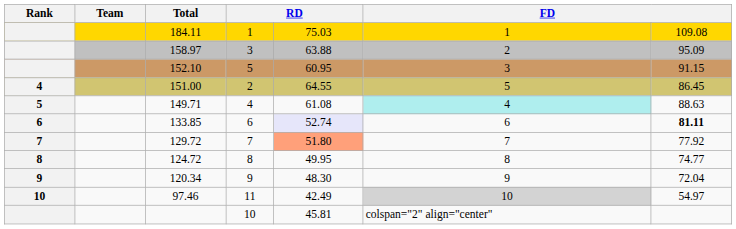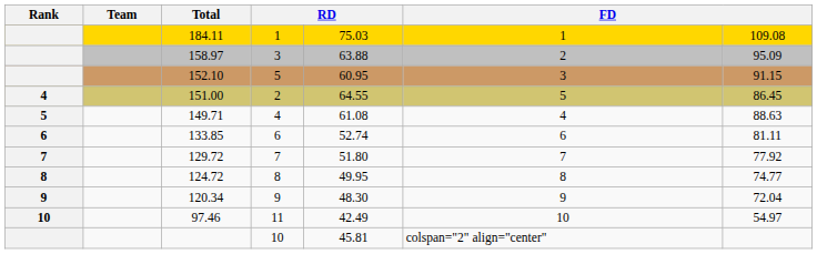 <table class="wikitable sortable" style="text-align:left; width:80%">
 <tr>
 <th scope="col">Rank</th>
 <th scope="col">Team</th>
 <th scope="col">Total</th>
 <th scope="col" colspan="2" width="80px"><a href='#'>RD</a></th>
 <th scope="col" colspan="2" width="80px"><a href='#'>FD</a></th>
 </tr>
 <tr bgcolor="gold">
 <th scope="row"></th>
 <td></td>
 <td align="center">184.11</td>
 <td align="center">1</td>
 <td align="center">75.03</td>
 <td align="center">1</td>
 <td align="center">109.08</td>
 </tr>
 <tr bgcolor="silver">
 <th scope="row"></th>
 <td></td>
 <td align="center">158.97</td>
 <td align="center">3</td>
 <td align="center">63.88</td>
 <td align="center">2</td>
 <td align="center">95.09</td>
 </tr>
 <tr bgcolor="cc9966">
 <th scope="row"></th>
 <td></td>
 <td align="center">152.10</td>
 <td align="center">5</td>
 <td align="center">60.95</td>
 <td align="center">3</td>
 <td align="center">91.15</td>
 </tr>
 <tr bgcolor="#d1c571">
 <th scope="row">4</th>
 <td></td>
 <td align="center">151.00</td>
 <td align="center">2</td>
 <td align="center">64.55</td>
 <td align="center">5</td>
 <td align="center">86.45</td>
 </tr>
 <tr>
 <th scope="row">5</th>
 <td></td>
 <td align="center">149.71</td>
 <td align="center">4</td>
 <td align="center">61.08</td>
-<td align="center" style="background: paleturquoise;">4</td>
+<td align="center">4</td>
 <td align="center">88.63</td>
 </tr>
 <tr>
 <th scope="row">6</th>
 <td></td>
 <td align="center">133.85</td>
 <td align="center">6</td>
-<td align="center" style="background: lavender;">52.74</td>
+<td align="center">52.74</td>
 <td align="center">6</td>
-<td align="center"><strong>81.11</strong></td>
+<td align="center">81.11</td>
 </tr>
 <tr>
 <th scope="row">7</th>
 <td></td>
 <td align="center">129.72</td>
 <td align="center">7</td>
-<td align="center" style="background: lightsalmon;">51.80</td>
+<td align="center">51.80</td>
 <td align="center">7</td>
 <td align="center">77.92</td>
 </tr>
 <tr>
 <th scope="row">8</th>
 <td></td>
 <td align="center">124.72</td>
 <td align="center">8</td>
 <td align="center">49.95</td>
 <td align="center">8</td>
 <td align="center">74.77</td>
 </tr>
 <tr>
 <th scope="row">9</th>
 <td></td>
 <td align="center">120.34</td>
 <td align="center">9</td>
 <td align="center">48.30</td>
 <td align="center">9</td>
 <td align="center">72.04</td>
 </tr>
 <tr>
 <th scope="row">10</th>
 <td></td>
 <td align="center">97.46</td>
 <td align="center">11</td>
 <td align="center">42.49</td>
-<td align="center" style="background: lightgrey;">10</td>
+<td align="center">10</td>
 <td align="center">54.97</td>
 </tr>
 <tr>
 <th scope="row"></th>
 <td></td>
 <td></td>
 <td align="center">10</td>
 <td align="center">45.81</td>
 <td>colspan="2" align="center" </td>
 </tr>
 </table>
